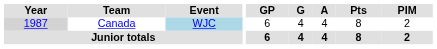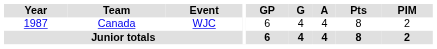 <table border="0" cellpadding="1" cellspacing="0" ID="Table3" style="text-align:center; width:40em">
 <tr ALIGN="center" bgcolor="#e0e0e0">
 <th>Year</th>
 <th>Team</th>
 <th>Event</th>
 <th rowspan="99" bgcolor="#ffffff"></th>
 <th>GP</th>
 <th>G</th>
 <th>A</th>
 <th>Pts</th>
 <th>PIM</th>
 </tr>
 <tr>
-<td style="background: lightgrey;"><a href='#'>1987</a></td>
+<td><a href='#'>1987</a></td>
 <td><a href='#'>Canada</a></td>
-<td style="background: lightblue;"><a href='#'>WJC</a></td>
+<td><a href='#'>WJC</a></td>
 <td>6</td>
 <td>4</td>
 <td>4</td>
 <td>8</td>
 <td>2</td>
 </tr>
 <tr bgcolor="#e0e0e0">
 <th colspan="3">Junior totals</th>
 <th>6</th>
 <th>4</th>
 <th>4</th>
 <th>8</th>
 <th>2</th>
 </tr>
 </table>
